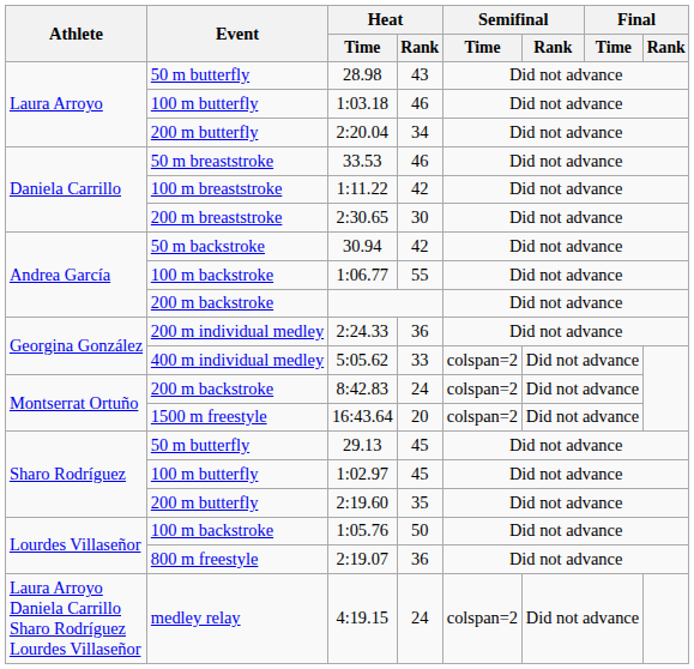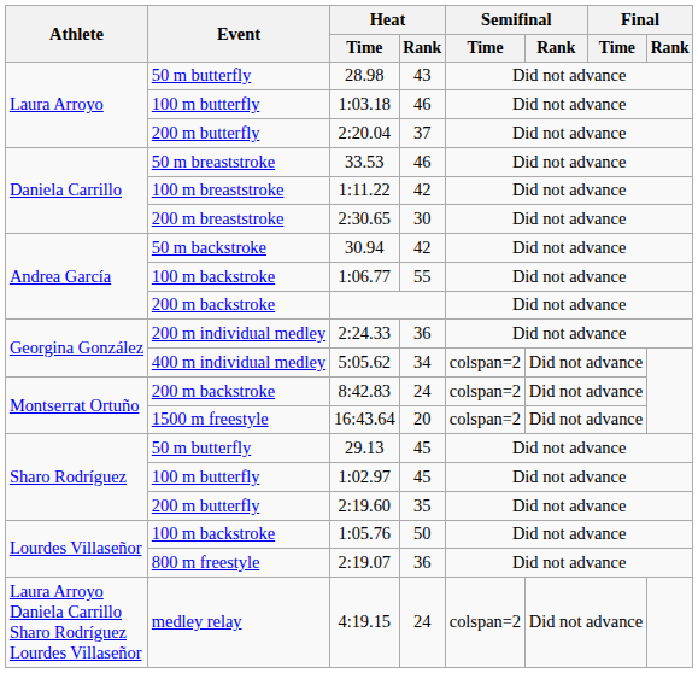 <table class=wikitable style="font-size:90%">
 <tr>
 <th rowspan="2">Athlete</th>
 <th rowspan="2">Event</th>
 <th colspan="2">Heat</th>
 <th colspan="2">Semifinal</th>
 <th colspan="2">Final</th>
 </tr>
 <tr style="font-size:95%">
 <th>Time</th>
 <th>Rank</th>
 <th>Time</th>
 <th>Rank</th>
 <th>Time</th>
 <th>Rank</th>
 </tr>
 <tr align=center>
 <td align=left rowspan=3><a href='#'>Laura Arroyo</a></td>
 <td align=left><a href='#'>50 m butterfly</a></td>
 <td>28.98</td>
 <td>43</td>
 <td colspan=4>Did not advance</td>
 </tr>
 <tr align=center>
 <td align=left><a href='#'>100 m butterfly</a></td>
 <td>1:03.18</td>
 <td>46</td>
 <td colspan=4>Did not advance</td>
 </tr>
 <tr align=center>
 <td align=left><a href='#'>200 m butterfly</a></td>
 <td>2:20.04</td>
-<td>34</td>
+<td>37</td>
 <td colspan=4>Did not advance</td>
 </tr>
 <tr align=center>
 <td align=left rowspan=3><a href='#'>Daniela Carrillo</a></td>
 <td align=left><a href='#'>50 m breaststroke</a></td>
 <td>33.53</td>
 <td>46</td>
 <td colspan=4>Did not advance</td>
 </tr>
 <tr align=center>
 <td align=left><a href='#'>100 m breaststroke</a></td>
 <td>1:11.22</td>
 <td>42</td>
 <td colspan=4>Did not advance</td>
 </tr>
 <tr align=center>
 <td align=left><a href='#'>200 m breaststroke</a></td>
 <td>2:30.65</td>
 <td>30</td>
 <td colspan=4>Did not advance</td>
 </tr>
 <tr align=center>
 <td align=left rowspan=3><a href='#'>Andrea García</a></td>
 <td align=left><a href='#'>50 m backstroke</a></td>
 <td>30.94</td>
 <td>42</td>
 <td colspan=4>Did not advance</td>
 </tr>
 <tr align=center>
 <td align=left><a href='#'>100 m backstroke</a></td>
 <td>1:06.77</td>
 <td>55</td>
 <td colspan=4>Did not advance</td>
 </tr>
 <tr align=center>
 <td align=left><a href='#'>200 m backstroke</a></td>
 <td colspan=2></td>
 <td colspan=4>Did not advance</td>
 </tr>
 <tr align=center>
 <td align=left rowspan=2><a href='#'>Georgina González</a></td>
 <td align=left><a href='#'>200 m individual medley</a></td>
 <td>2:24.33</td>
 <td>36</td>
 <td colspan=4>Did not advance</td>
 </tr>
 <tr align=center>
 <td align=left><a href='#'>400 m individual medley</a></td>
 <td>5:05.62</td>
-<td>33</td>
+<td>34</td>
 <td>colspan=2 </td>
 <td colspan=2>Did not advance</td>
 </tr>
 <tr align=center>
 <td align=left rowspan=2><a href='#'>Montserrat Ortuño</a></td>
 <td align=left><a href='#'>200 m backstroke</a></td>
 <td>8:42.83</td>
 <td>24</td>
 <td>colspan=2 </td>
 <td colspan=2>Did not advance</td>
 </tr>
 <tr align=center>
 <td align=left><a href='#'>1500 m freestyle</a></td>
 <td>16:43.64</td>
 <td>20</td>
 <td>colspan=2 </td>
 <td colspan=2>Did not advance</td>
 </tr>
 <tr align=center>
 <td align=left rowspan=3><a href='#'>Sharo Rodríguez</a></td>
 <td align=left><a href='#'>50 m butterfly</a></td>
 <td>29.13</td>
 <td>45</td>
 <td colspan=4>Did not advance</td>
 </tr>
 <tr align=center>
 <td align=left><a href='#'>100 m butterfly</a></td>
 <td>1:02.97</td>
 <td>45</td>
 <td colspan=4>Did not advance</td>
 </tr>
 <tr align=center>
 <td align=left><a href='#'>200 m butterfly</a></td>
 <td>2:19.60</td>
 <td>35</td>
 <td colspan=4>Did not advance</td>
 </tr>
 <tr align=center>
 <td align=left rowspan=2><a href='#'>Lourdes Villaseñor</a></td>
 <td align=left><a href='#'>100 m backstroke</a></td>
 <td>1:05.76</td>
 <td>50</td>
 <td colspan=4>Did not advance</td>
 </tr>
 <tr align=center>
 <td align=left><a href='#'>800 m freestyle</a></td>
 <td>2:19.07</td>
 <td>36</td>
 <td colspan=4>Did not advance</td>
 </tr>
 <tr align=center>
 <td align=left><a href='#'>Laura Arroyo</a><br><a href='#'>Daniela Carrillo</a><br><a href='#'>Sharo Rodríguez</a><br><a href='#'>Lourdes Villaseñor</a></td>
 <td align=left><a href='#'> medley relay</a></td>
 <td>4:19.15</td>
 <td>24</td>
 <td>colspan=2 </td>
 <td colspan=2>Did not advance</td>
 </tr>
 </table>
